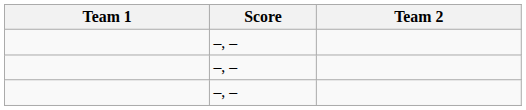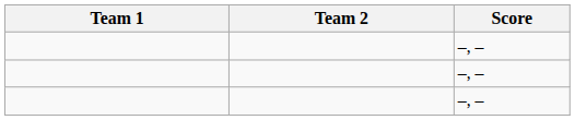 <table class="wikitable" style="font-size: 100%">
 <tr>
 <th width=200>Team 1</th>
+<th width=200>Team 2</th>
 <th width=100>Score</th>
-<th width=200>Team 2</th>
 </tr>
 <tr>
 <td></td>
+<td></td>
 <td>–, –</td>
-<td></td>
 </tr>
 <tr>
 <td></td>
+<td></td>
 <td>–, –</td>
-<td></td>
 </tr>
 <tr>
 <td></td>
+<td></td>
 <td>–, –</td>
-<td></td>
 </tr>
 </table>
